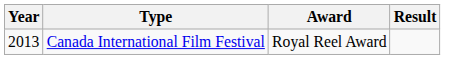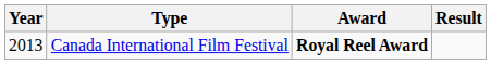 <table class="wikitable sortable">
 <tr>
 <th>Year</th>
 <th>Type</th>
 <th>Award</th>
 <th>Result</th>
 </tr>
 <tr>
 <td rowspan="2">2013</td>
 <td><a href='#'>Canada International Film Festival</a></td>
-<td>Royal Reel Award</td>
+<td><strong>Royal Reel Award</strong></td>
 <td></td>
 </tr>
 </table>
